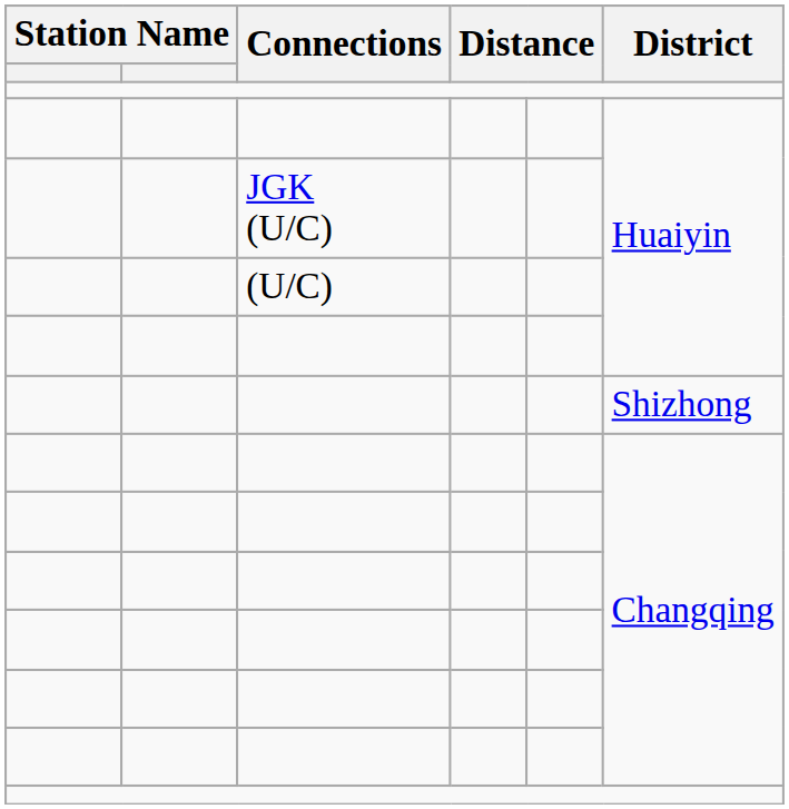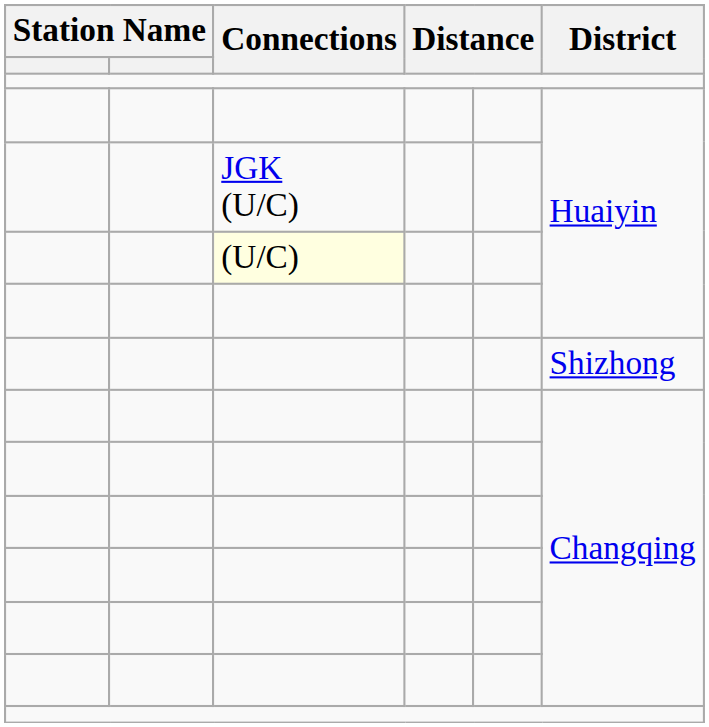 <table class="wikitable">
 <tr>
 <th colspan="2">Station Name</th>
 <th rowspan="2">Connections</th>
 <th colspan="2" rowspan="2">Distance<br></th>
 <th rowspan="2">District</th>
 </tr>
 <tr>
 <th></th>
 <th></th>
 </tr>
 <tr style="background:#">
 <td colspan = "8"></td>
 </tr>
 <tr>
 <td></td>
 <td></td>
 <td></td>
 <td> </td>
 <td> </td>
 <td rowspan="4"><a href='#'>Huaiyin</a></td>
 </tr>
 <tr>
 <td></td>
 <td></td>
 <td> <a href='#'>JGK</a><br>  (U/C)</td>
 <td> </td>
 <td> </td>
 </tr>
 <tr>
 <td></td>
 <td></td>
-<td> (U/C)</td>
+<td style="background: lightyellow;"> (U/C)</td>
 <td> </td>
 <td> </td>
 </tr>
 <tr>
 <td></td>
 <td></td>
 <td></td>
 <td> </td>
 <td> </td>
 </tr>
 <tr>
 <td></td>
 <td></td>
 <td></td>
 <td> </td>
 <td> </td>
 <td><a href='#'>Shizhong</a></td>
 </tr>
 <tr>
 <td></td>
 <td></td>
 <td></td>
 <td> </td>
 <td> </td>
 <td rowspan="6"><a href='#'>Changqing</a></td>
 </tr>
 <tr>
 <td></td>
 <td></td>
 <td></td>
 <td> </td>
 <td> </td>
 </tr>
 <tr>
 <td></td>
 <td></td>
 <td></td>
 <td> </td>
 <td> </td>
 </tr>
 <tr>
 <td></td>
 <td></td>
 <td></td>
 <td> </td>
 <td> </td>
 </tr>
 <tr>
 <td></td>
 <td></td>
 <td></td>
 <td> </td>
 <td> </td>
 </tr>
 <tr>
 <td></td>
 <td></td>
 <td></td>
 <td> </td>
 <td> </td>
 </tr>
 <tr style="background:#">
 <td colspan = "8"></td>
 </tr>
 </table>
